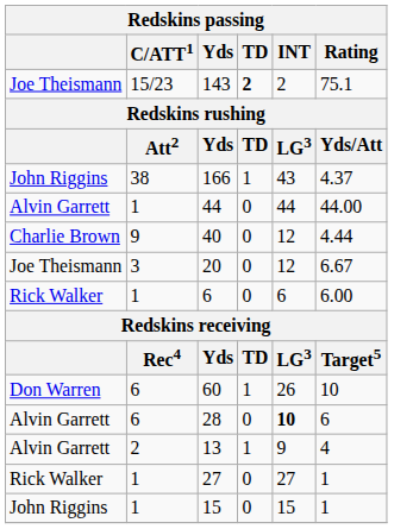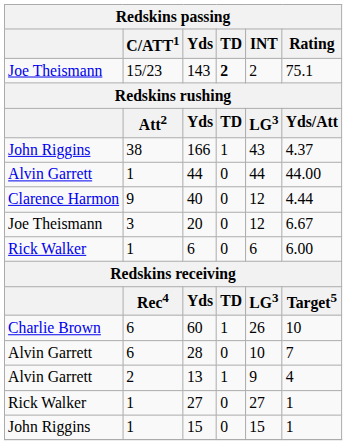 <table class="wikitable">
 <tr>
 <th colspan="6">Redskins passing</th>
 </tr>
 <tr>
 <th></th>
 <th>C/ATT<sup>1</sup></th>
 <th>Yds</th>
 <th>TD</th>
 <th>INT</th>
 <th>Rating</th>
 </tr>
 <tr>
 <td><a href='#'>Joe Theismann</a></td>
 <td>15/23</td>
 <td>143</td>
 <td><strong>2</strong></td>
 <td>2</td>
 <td>75.1</td>
 </tr>
 <tr>
 <th colspan="6">Redskins rushing</th>
 </tr>
 <tr>
 <th></th>
 <th>Att<sup>2</sup></th>
 <th>Yds</th>
 <th>TD</th>
 <th>LG<sup>3</sup></th>
 <th>Yds/Att</th>
 </tr>
 <tr>
 <td><a href='#'>John Riggins</a></td>
 <td>38</td>
 <td>166</td>
 <td>1</td>
 <td>43</td>
 <td>4.37</td>
 </tr>
 <tr>
 <td><a href='#'>Alvin Garrett</a></td>
 <td>1</td>
 <td>44</td>
 <td>0</td>
 <td>44</td>
 <td>44.00</td>
 </tr>
 <tr>
-<td><a href='#'>Charlie Brown</a></td>
+<td><a href='#'>Clarence Harmon</a></td>
 <td>9</td>
 <td>40</td>
 <td>0</td>
 <td>12</td>
 <td>4.44</td>
 </tr>
 <tr>
 <td>Joe Theismann</td>
 <td>3</td>
 <td>20</td>
 <td>0</td>
 <td>12</td>
 <td>6.67</td>
 </tr>
 <tr>
 <td><a href='#'>Rick Walker</a></td>
 <td>1</td>
 <td>6</td>
 <td>0</td>
 <td>6</td>
 <td>6.00</td>
 </tr>
 <tr>
 <th colspan="6">Redskins receiving</th>
 </tr>
 <tr>
 <th></th>
 <th>Rec<sup>4</sup></th>
 <th>Yds</th>
 <th>TD</th>
 <th>LG<sup>3</sup></th>
 <th>Target<sup>5</sup></th>
 </tr>
 <tr>
-<td><a href='#'>Don Warren</a></td>
+<td><a href='#'>Charlie Brown</a></td>
 <td>6</td>
 <td>60</td>
 <td>1</td>
 <td>26</td>
 <td>10</td>
 </tr>
 <tr>
 <td>Alvin Garrett</td>
 <td>6</td>
 <td>28</td>
 <td>0</td>
-<td><strong>10</strong></td>
-<td>6</td>
+<td>10</td>
+<td>7</td>
 </tr>
 <tr>
 <td>Alvin Garrett</td>
 <td>2</td>
 <td>13</td>
 <td>1</td>
 <td>9</td>
 <td>4</td>
 </tr>
 <tr>
 <td>Rick Walker</td>
 <td>1</td>
 <td>27</td>
 <td>0</td>
 <td>27</td>
 <td>1</td>
 </tr>
 <tr>
 <td>John Riggins</td>
 <td>1</td>
 <td>15</td>
 <td>0</td>
 <td>15</td>
 <td>1</td>
 </tr>
 <tr>
 </tr>
 </table>
